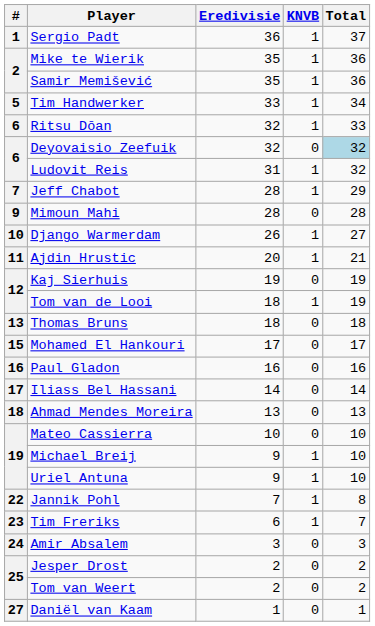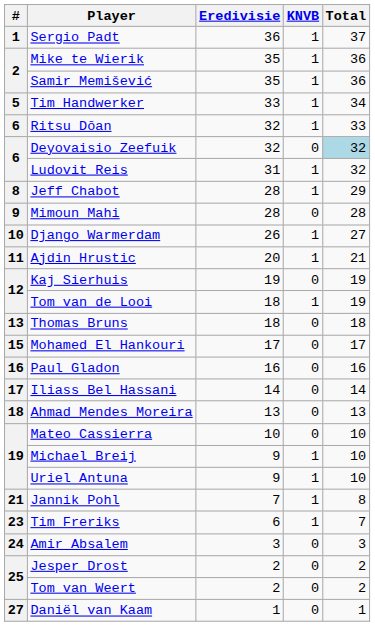 <table class="wikitable" style="text-align:right;">
 <tr>
 <th>#</th>
 <th>Player</th>
 <th><a href='#'>Eredivisie</a></th>
 <th><a href='#'>KNVB</a></th>
 <th>Total</th>
 </tr>
 <tr>
 <th align=center>1</th>
 <td align=left> <a href='#'>Sergio Padt</a></td>
 <td>36</td>
 <td>1</td>
 <td>37</td>
 </tr>
 <tr>
 <th rowspan=2 align=center>2</th>
 <td align=left> <a href='#'>Mike te Wierik</a></td>
 <td>35</td>
 <td>1</td>
 <td>36</td>
 </tr>
 <tr>
 <td align=left> <a href='#'>Samir Memišević</a></td>
 <td>35</td>
 <td>1</td>
 <td>36</td>
 </tr>
 <tr>
 <th align=center>5</th>
 <td align=left> <a href='#'>Tim Handwerker</a></td>
 <td>33</td>
 <td>1</td>
 <td>34</td>
 </tr>
 <tr>
 <th align=center>6</th>
 <td align=left> <a href='#'>Ritsu Dōan</a></td>
 <td>32</td>
 <td>1</td>
 <td>33</td>
 </tr>
 <tr>
 <th rowspan=2 align=center>6</th>
 <td align=left> <a href='#'>Deyovaisio Zeefuik</a></td>
 <td>32</td>
 <td>0</td>
 <td style="background: lightblue;">32</td>
 </tr>
 <tr>
 <td align=left> <a href='#'>Ludovit Reis</a></td>
 <td>31</td>
 <td>1</td>
 <td>32</td>
 </tr>
 <tr>
-<th align=center>7</th>
+<th align=center>8</th>
 <td align=left> <a href='#'>Jeff Chabot</a></td>
 <td>28</td>
 <td>1</td>
 <td>29</td>
 </tr>
 <tr>
 <th align=center>9</th>
 <td align=left> <a href='#'>Mimoun Mahi</a></td>
 <td>28</td>
 <td>0</td>
 <td>28</td>
 </tr>
 <tr>
 <th align=center>10</th>
 <td align=left> <a href='#'>Django Warmerdam</a></td>
 <td>26</td>
 <td>1</td>
 <td>27</td>
 </tr>
 <tr>
 <th align=center>11</th>
 <td align=left> <a href='#'>Ajdin Hrustic</a></td>
 <td>20</td>
 <td>1</td>
 <td>21</td>
 </tr>
 <tr>
 <th rowspan=2 align=center>12</th>
 <td align=left> <a href='#'>Kaj Sierhuis</a></td>
 <td>19</td>
 <td>0</td>
 <td>19</td>
 </tr>
 <tr>
 <td align=left> <a href='#'>Tom van de Looi</a></td>
 <td>18</td>
 <td>1</td>
 <td>19</td>
 </tr>
 <tr>
 <th align=center>13</th>
 <td align=left> <a href='#'>Thomas Bruns</a></td>
 <td>18</td>
 <td>0</td>
 <td>18</td>
 </tr>
 <tr>
 <th align=center>15</th>
 <td align=left> <a href='#'>Mohamed El Hankouri</a></td>
 <td>17</td>
 <td>0</td>
 <td>17</td>
 </tr>
 <tr>
 <th align=center>16</th>
 <td align=left> <a href='#'>Paul Gladon</a></td>
 <td>16</td>
 <td>0</td>
 <td>16</td>
 </tr>
 <tr>
 <th align=center>17</th>
 <td align=left> <a href='#'>Iliass Bel Hassani</a></td>
 <td>14</td>
 <td>0</td>
 <td>14</td>
 </tr>
 <tr>
 <th align=center>18</th>
 <td align=left> <a href='#'>Ahmad Mendes Moreira</a></td>
 <td>13</td>
 <td>0</td>
 <td>13</td>
 </tr>
 <tr>
 <th rowspan=3 align=center>19</th>
 <td align=left> <a href='#'>Mateo Cassierra</a></td>
 <td>10</td>
 <td>0</td>
 <td>10</td>
 </tr>
 <tr>
 <td align=left> <a href='#'>Michael Breij</a></td>
 <td>9</td>
 <td>1</td>
 <td>10</td>
 </tr>
 <tr>
 <td align=left> <a href='#'>Uriel Antuna</a></td>
 <td>9</td>
 <td>1</td>
 <td>10</td>
 </tr>
 <tr>
-<th align=center>22</th>
+<th align=center>21</th>
 <td align=left> <a href='#'>Jannik Pohl</a></td>
 <td>7</td>
 <td>1</td>
 <td>8</td>
 </tr>
 <tr>
 <th align=center>23</th>
 <td align=left> <a href='#'>Tim Freriks</a></td>
 <td>6</td>
 <td>1</td>
 <td>7</td>
 </tr>
 <tr>
 <th align=center>24</th>
 <td align=left> <a href='#'>Amir Absalem</a></td>
 <td>3</td>
 <td>0</td>
 <td>3</td>
 </tr>
 <tr>
 <th rowspan=2 align=center>25</th>
 <td align=left> <a href='#'>Jesper Drost</a></td>
 <td>2</td>
 <td>0</td>
 <td>2</td>
 </tr>
 <tr>
 <td align=left> <a href='#'>Tom van Weert</a></td>
 <td>2</td>
 <td>0</td>
 <td>2</td>
 </tr>
 <tr>
 <th align=center>27</th>
 <td align=left> <a href='#'>Daniël van Kaam</a></td>
 <td>1</td>
 <td>0</td>
 <td>1</td>
 </tr>
 </table>
